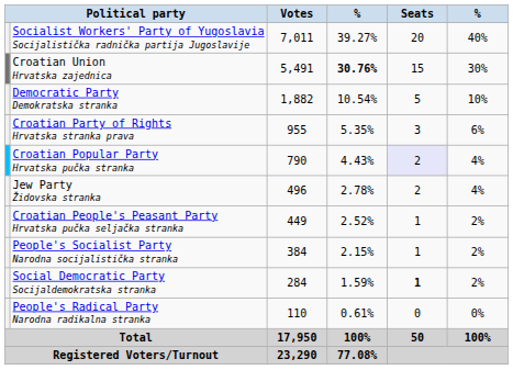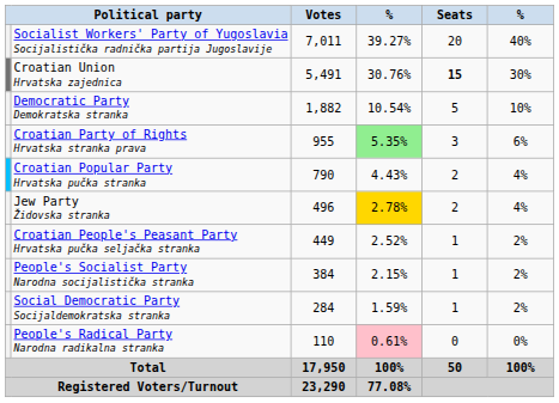 <table class="wikitable">
 <tr>
 <th colspan=2 style="background:#CCDDEE; width: 22em">Political party</th>
 <th style="width: 5em; background:#CCDDEE;">Votes</th>
 <th style="width: 5em; background:#CCDDEE;">%</th>
 <th style="width: 5em; background:#CCDDEE;">Seats</th>
 <th style="width: 5em; background:#CCDDEE;">%</th>
 </tr>
 <tr>
 <th style="background-color: "></th>
 <td><a href='#'>Socialist Workers' Party of Yugoslavia</a><br><small><em>Socijalistička radnička partija Jugoslavije</em></small></td>
 <td style="text-align:center">7,011</td>
 <td style="text-align:center">39.27%</td>
 <td style="text-align:center">20</td>
 <td style="text-align:center">40%</td>
 </tr>
 <tr>
 <th style="background-color: #727272"></th>
 <td>Croatian Union<br><small><em>Hrvatska zajednica</em></small></td>
 <td style="text-align:center">5,491</td>
-<td style="text-align:center"><strong>30.76%</strong></td>
-<td style="text-align:center">15</td>
+<td style="text-align:center">30.76%</td>
+<td style="text-align:center"><strong>15</strong></td>
 <td style="text-align:center">30%</td>
 </tr>
 <tr>
 <th style="background-color: "></th>
 <td><a href='#'>Democratic Party</a><br><small><em>Demokratska stranka</em></small></td>
 <td style="text-align:center">1,882</td>
 <td style="text-align:center">10.54%</td>
 <td style="text-align:center">5</td>
 <td style="text-align:center">10%</td>
 </tr>
 <tr>
 <th style="background-color: "></th>
 <td><a href='#'>Croatian Party of Rights</a><br><small><em>Hrvatska stranka prava</em></small></td>
 <td style="text-align:center">955</td>
-<td style="text-align:center">5.35%</td>
+<td style="background: lightgreen; text-align:center">5.35%</td>
 <td style="text-align:center">3</td>
 <td style="text-align:center">6%</td>
 </tr>
 <tr>
 <th style="background-color: #00BFFF"></th>
 <td><a href='#'>Croatian Popular Party</a><br><small><em>Hrvatska pučka stranka</em></small></td>
 <td style="text-align:center">790</td>
 <td style="text-align:center">4.43%</td>
-<td style="background: lavender; text-align:center">2</td>
+<td style="text-align:center">2</td>
 <td style="text-align:center">4%</td>
 </tr>
 <tr>
 <th style="background-color: "></th>
 <td>Jew Party<br><small><em>Židovska stranka</em></small></td>
 <td style="text-align:center">496</td>
-<td style="text-align:center">2.78%</td>
+<td style="background: gold; text-align:center">2.78%</td>
 <td style="text-align:center">2</td>
 <td style="text-align:center">4%</td>
 </tr>
 <tr>
 <th style="background-color: "></th>
 <td><a href='#'>Croatian People's Peasant Party</a><br><small><em>Hrvatska pučka seljačka stranka</em></small></td>
 <td style="text-align:center">449</td>
 <td style="text-align:center">2.52%</td>
 <td style="text-align:center">1</td>
 <td style="text-align:center">2%</td>
 </tr>
 <tr>
 <th style="background-color: "></th>
 <td><a href='#'>People's Socialist Party</a><br><small><em>Narodna socijalistička stranka</em></small></td>
 <td style="text-align:center">384</td>
 <td style="text-align:center">2.15%</td>
 <td style="text-align:center">1</td>
 <td style="text-align:center">2%</td>
 </tr>
 <tr>
 <th style="background-color: "></th>
 <td><a href='#'>Social Democratic Party</a><br><small><em>Socijaldemokratska stranka</em></small></td>
 <td style="text-align:center">284</td>
 <td style="text-align:center">1.59%</td>
-<td style="text-align:center"><strong>1</strong></td>
+<td style="text-align:center">1</td>
 <td style="text-align:center">2%</td>
 </tr>
 <tr>
 <th style="background-color: "></th>
 <td><a href='#'>People's Radical Party</a><br><small><em>Narodna radikalna stranka</em></small></td>
 <td style="text-align:center">110</td>
-<td style="text-align:center">0.61%</td>
+<td style="background: pink; text-align:center">0.61%</td>
 <td style="text-align:center">0</td>
 <td style="text-align:center">0%</td>
 </tr>
 <tr>
 <td colspan="2" align=center style="background: lightgrey"><strong>Total</strong></td>
 <td align=center style="background: lightgrey"><strong>17,950</strong></td>
 <td align=center style="background: lightgrey"><strong>100%</strong></td>
 <td align=center style="background: lightgrey"><strong>50</strong></td>
 <td align=center style="background: lightgrey"><strong>100%</strong></td>
 </tr>
 <tr>
 <td colspan="2" align=center style="background: lightgrey"><strong>Registered Voters/Turnout</strong></td>
 <td align=center style="background: lightgrey"><strong>23,290</strong></td>
 <td align=center style="background: lightgrey"><strong>77.08%</strong></td>
 <td colspan="4" align=center style="background: lightgrey"></td>
 </tr>
 </table>
